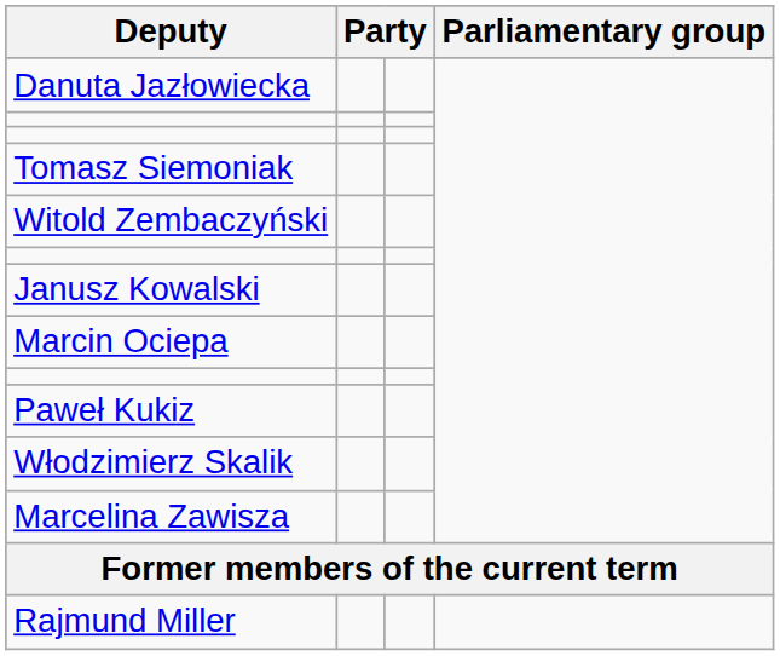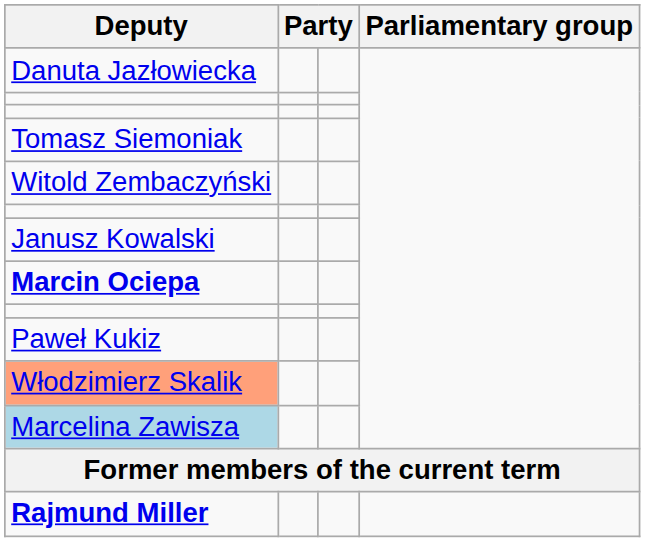 <table class="wikitable">
 <tr>
 <th>Deputy</th>
 <th colspan="2">Party</th>
 <th colspan="2">Parliamentary group</th>
 </tr>
 <tr>
 <td><a href='#'>Danuta Jazłowiecka</a></td>
 <td></td>
 <td></td>
 </tr>
 <tr>
 <td></td>
 <td></td>
 <td></td>
 </tr>
 <tr>
 <td></td>
 <td></td>
 <td></td>
 </tr>
 <tr>
 <td><a href='#'>Tomasz Siemoniak</a></td>
 <td></td>
 <td></td>
 </tr>
 <tr>
 <td><a href='#'>Witold Zembaczyński</a></td>
 <td></td>
 <td></td>
 </tr>
 <tr>
 <td></td>
 <td></td>
 <td></td>
 </tr>
 <tr>
 <td><a href='#'>Janusz Kowalski</a></td>
 <td></td>
 <td></td>
 </tr>
 <tr>
-<td><a href='#'>Marcin Ociepa</a></td>
+<td><strong><a href='#'>Marcin Ociepa</a></strong></td>
 <td></td>
 <td></td>
 </tr>
 <tr>
 <td></td>
 <td></td>
 <td></td>
 </tr>
 <tr>
 <td><a href='#'>Paweł Kukiz</a></td>
 <td></td>
 <td></td>
 </tr>
 <tr>
-<td><a href='#'>Włodzimierz Skalik</a></td>
+<td style="background: lightsalmon;"><a href='#'>Włodzimierz Skalik</a></td>
 <td></td>
 <td></td>
 </tr>
 <tr>
-<td><a href='#'>Marcelina Zawisza</a></td>
+<td style="background: lightblue;"><a href='#'>Marcelina Zawisza</a></td>
 <td></td>
 <td></td>
 </tr>
 <tr>
 <th colspan="5">Former members of the current term</th>
 </tr>
 <tr>
-<td><a href='#'>Rajmund Miller</a></td>
+<td><strong><a href='#'>Rajmund Miller</a></strong></td>
 <td></td>
 <td></td>
 </tr>
 </table>
